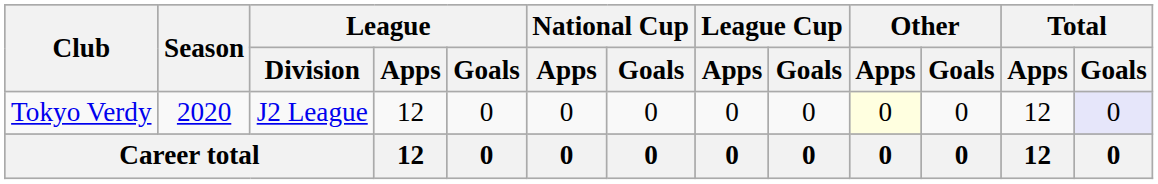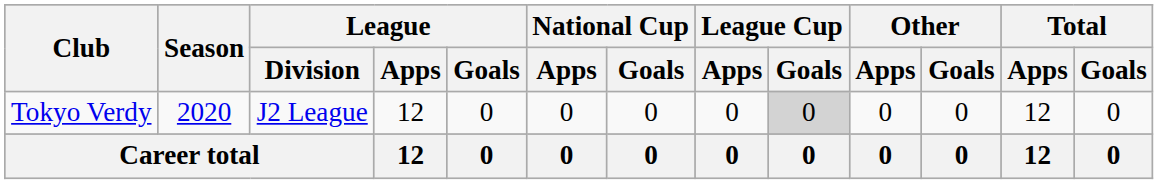 <table class="wikitable" style="text-align: center">
 <tr>
 <th rowspan="2">Club</th>
 <th rowspan="2">Season</th>
 <th colspan="3">League</th>
 <th colspan="2">National Cup</th>
 <th colspan="2">League Cup</th>
 <th colspan="2">Other</th>
 <th colspan="2">Total</th>
 </tr>
 <tr>
 <th>Division</th>
 <th>Apps</th>
 <th>Goals</th>
 <th>Apps</th>
 <th>Goals</th>
 <th>Apps</th>
 <th>Goals</th>
 <th>Apps</th>
 <th>Goals</th>
 <th>Apps</th>
 <th>Goals</th>
 </tr>
 <tr>
 <td><a href='#'>Tokyo Verdy</a></td>
 <td><a href='#'>2020</a></td>
 <td><a href='#'>J2 League</a></td>
 <td>12</td>
 <td>0</td>
 <td>0</td>
 <td>0</td>
 <td>0</td>
+<td style="background: lightgrey;">0</td>
 <td>0</td>
-<td style="background: lightyellow;">0</td>
 <td>0</td>
 <td>12</td>
-<td style="background: lavender;">0</td>
+<td>0</td>
 </tr>
 <tr>
 <th colspan=3>Career total</th>
 <th>12</th>
 <th>0</th>
 <th>0</th>
 <th>0</th>
 <th>0</th>
 <th>0</th>
 <th>0</th>
 <th>0</th>
 <th>12</th>
 <th>0</th>
 </tr>
 </table>
